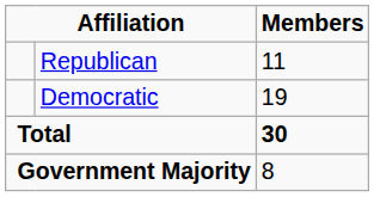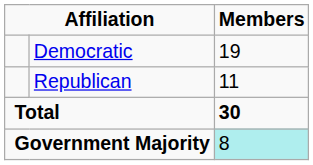 <table class="wikitable">
 <tr>
 <td colspan="2" rowspan="1" align="center" valign="top"><strong>Affiliation</strong></td>
 <td style="vertical-align:top;"><strong>Members</strong></td>
 </tr>
 <tr>
 <td style="background-color:"> </td>
-<td><a href='#'>Republican</a></td>
-<td>11</td>
+<td><a href='#'>Democratic</a></td>
+<td>19</td>
 </tr>
 <tr>
 <td style="background-color:"> </td>
-<td><a href='#'>Democratic</a></td>
-<td>19</td>
+<td><a href='#'>Republican</a></td>
+<td>11</td>
 </tr>
 <tr>
 <td colspan="2" rowspan="1"> <strong>Total</strong></td>
 <td><strong>30</strong></td>
 </tr>
 <tr>
 <td colspan="2" rowspan="1"> <strong>Government Majority</strong></td>
-<td>8</td>
+<td style="background: paleturquoise;">8</td>
 </tr>
 </table>
